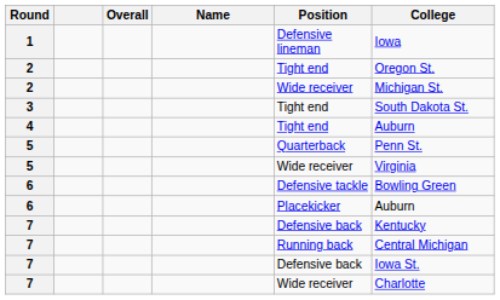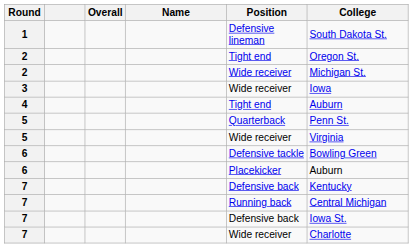 <table class="wikitable sortable" style="width: 50%;">
 <tr>
 <th scope="col" style="width: 10%;">Round</th>
 <th scope="col" style="width: 10%;"></th>
 <th scope="col" style="width: 10%;">Overall</th>
 <th scope="col" style="width: 25%;">Name</th>
 <th scope="col" style="width: 20%;">Position</th>
 <th scope="col" style="width: 25%;">College</th>
 </tr>
 <tr>
 <th scope="row">1</th>
 <td></td>
 <td></td>
 <td></td>
 <td><a href='#'>Defensive lineman</a></td>
-<td><a href='#'>Iowa</a></td>
+<td><a href='#'>South Dakota St.</a></td>
 </tr>
 <tr>
 <th scope="row">2</th>
 <td></td>
 <td></td>
 <td></td>
 <td><a href='#'>Tight end</a></td>
 <td><a href='#'>Oregon St.</a></td>
 </tr>
 <tr>
 <th scope="row">2</th>
 <td></td>
 <td></td>
 <td></td>
 <td><a href='#'>Wide receiver</a></td>
 <td><a href='#'>Michigan St.</a></td>
 </tr>
 <tr>
 <th scope="row">3</th>
 <td></td>
 <td></td>
 <td></td>
-<td>Tight end</td>
-<td><a href='#'>South Dakota St.</a></td>
+<td>Wide receiver</td>
+<td><a href='#'>Iowa</a></td>
 </tr>
 <tr>
 <th scope="row">4</th>
 <td></td>
 <td></td>
 <td></td>
 <td><a href='#'>Tight end</a></td>
 <td><a href='#'>Auburn</a></td>
 </tr>
 <tr>
 <th scope="row">5</th>
 <td></td>
 <td></td>
 <td></td>
 <td><a href='#'>Quarterback</a></td>
 <td><a href='#'>Penn St.</a></td>
 </tr>
 <tr>
 <th scope="row">5</th>
 <td></td>
 <td></td>
 <td></td>
 <td>Wide receiver</td>
 <td><a href='#'>Virginia</a></td>
 </tr>
 <tr>
 <th scope="row">6</th>
 <td></td>
 <td></td>
 <td></td>
 <td><a href='#'>Defensive tackle</a></td>
 <td><a href='#'>Bowling Green</a></td>
 </tr>
 <tr>
 <th scope="row">6</th>
 <td></td>
 <td></td>
 <td></td>
 <td><a href='#'>Placekicker</a></td>
 <td>Auburn</td>
 </tr>
 <tr>
 <th scope="row">7</th>
 <td></td>
 <td></td>
 <td></td>
 <td><a href='#'>Defensive back</a></td>
 <td><a href='#'>Kentucky</a></td>
 </tr>
 <tr>
 <th scope="row">7</th>
 <td></td>
 <td></td>
 <td></td>
 <td><a href='#'>Running back</a></td>
 <td><a href='#'>Central Michigan</a></td>
 </tr>
 <tr>
 <th scope="row">7</th>
 <td></td>
 <td></td>
 <td></td>
 <td>Defensive back</td>
 <td><a href='#'>Iowa St.</a></td>
 </tr>
 <tr>
 <th scope="row">7</th>
 <td></td>
 <td></td>
 <td></td>
 <td>Wide receiver</td>
 <td><a href='#'>Charlotte</a></td>
 </tr>
 </table>
